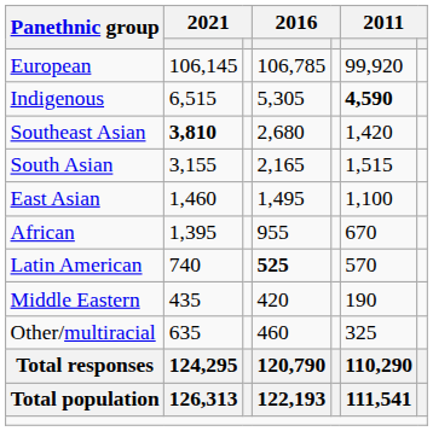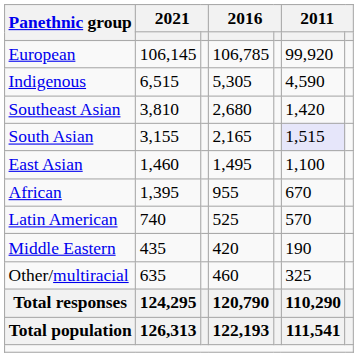 <table class="wikitable collapsible sortable">
 <tr>
 <th rowspan="2"><a href='#'>Panethnic</a> group</th>
 <th colspan="2">2021</th>
 <th colspan="2">2016</th>
 <th colspan="2">2011</th>
 </tr>
 <tr>
 <th><a href='#'></a></th>
 <th></th>
 <th></th>
 <th></th>
 <th></th>
 <th></th>
 </tr>
 <tr>
 <td><a href='#'>European</a></td>
 <td>106,145</td>
 <td></td>
 <td>106,785</td>
 <td></td>
 <td>99,920</td>
 <td></td>
 </tr>
 <tr>
 <td><a href='#'>Indigenous</a></td>
 <td>6,515</td>
 <td></td>
 <td>5,305</td>
 <td></td>
-<td><strong>4,590</strong></td>
+<td>4,590</td>
 <td></td>
 </tr>
 <tr>
 <td><a href='#'>Southeast Asian</a></td>
-<td><strong>3,810</strong></td>
+<td>3,810</td>
 <td></td>
 <td>2,680</td>
 <td></td>
 <td>1,420</td>
 <td></td>
 </tr>
 <tr>
 <td><a href='#'>South Asian</a></td>
 <td>3,155</td>
 <td></td>
 <td>2,165</td>
 <td></td>
-<td>1,515</td>
+<td style="background: lavender;">1,515</td>
 <td></td>
 </tr>
 <tr>
 <td><a href='#'>East Asian</a></td>
 <td>1,460</td>
 <td></td>
 <td>1,495</td>
 <td></td>
 <td>1,100</td>
 <td></td>
 </tr>
 <tr>
 <td><a href='#'>African</a></td>
 <td>1,395</td>
 <td></td>
 <td>955</td>
 <td></td>
 <td>670</td>
 <td></td>
 </tr>
 <tr>
 <td><a href='#'>Latin American</a></td>
 <td>740</td>
 <td></td>
-<td><strong>525</strong></td>
+<td>525</td>
 <td></td>
 <td>570</td>
 <td></td>
 </tr>
 <tr>
 <td><a href='#'>Middle Eastern</a></td>
 <td>435</td>
 <td></td>
 <td>420</td>
 <td></td>
 <td>190</td>
 <td></td>
 </tr>
 <tr>
 <td>Other/<a href='#'>multiracial</a></td>
 <td>635</td>
 <td></td>
 <td>460</td>
 <td></td>
 <td>325</td>
 <td></td>
 </tr>
 <tr>
 <th>Total responses</th>
 <th>124,295</th>
 <th></th>
 <th>120,790</th>
 <th></th>
 <th>110,290</th>
 <th></th>
 </tr>
 <tr class="sortbottom">
 <th>Total population</th>
 <th>126,313</th>
 <th></th>
 <th>122,193</th>
 <th></th>
 <th>111,541</th>
 <th></th>
 </tr>
 <tr class="sortbottom">
 <td colspan="15"></td>
 </tr>
 </table>
